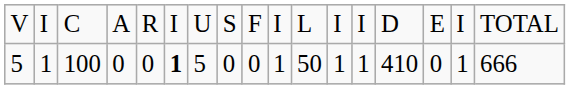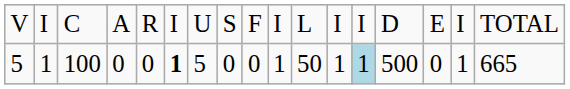 <table class="wikitable" style="margin:left;">
 <tr>
 <td>V</td>
 <td>I</td>
 <td>C</td>
 <td>A</td>
 <td>R</td>
 <td>I</td>
 <td>U</td>
 <td>S</td>
 <td>F</td>
 <td>I</td>
 <td>L</td>
 <td>I</td>
 <td>I</td>
 <td>D</td>
 <td>E</td>
 <td>I</td>
 <td>TOTAL</td>
 </tr>
 <tr>
 <td>5</td>
 <td>1</td>
 <td>100</td>
 <td>0</td>
 <td>0</td>
 <td><strong>1</strong></td>
 <td>5</td>
 <td>0</td>
 <td>0</td>
 <td>1</td>
 <td>50</td>
 <td>1</td>
-<td>1</td>
-<td>410</td>
+<td style="background: lightblue;">1</td>
+<td>500</td>
 <td>0</td>
 <td>1</td>
-<td>666</td>
+<td>665</td>
 </tr>
 </table>
